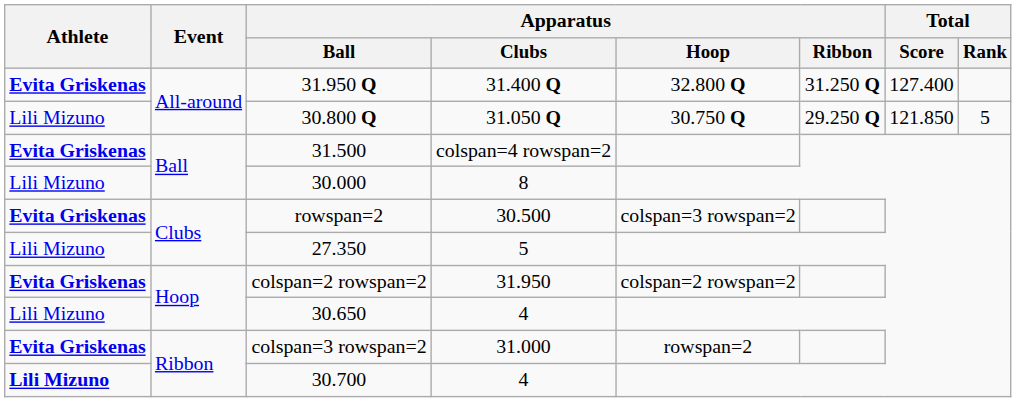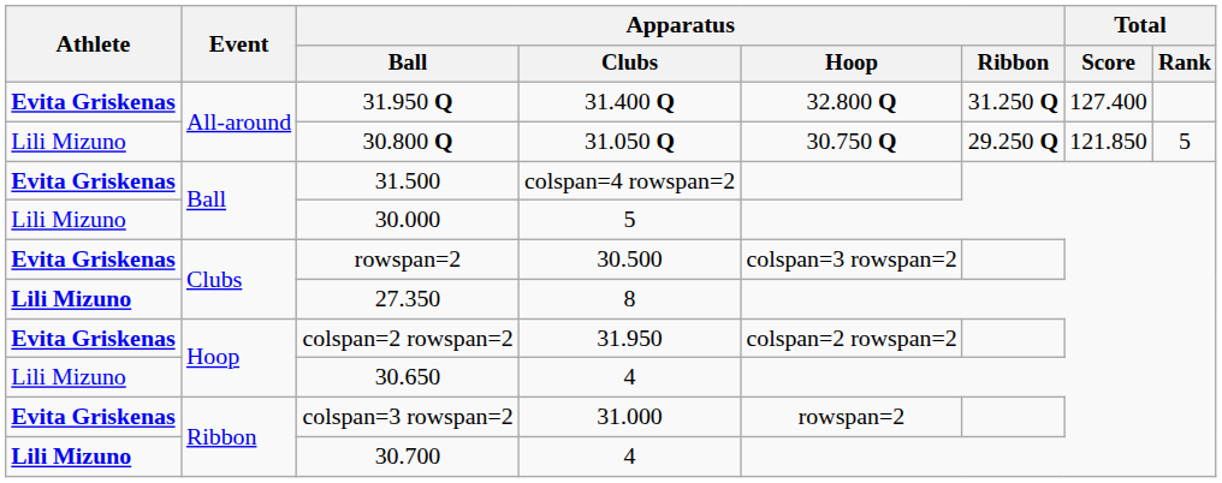 <table class=wikitable style=font-size:90%;text-align:center>
 <tr>
 <th rowspan=2>Athlete</th>
 <th rowspan=2>Event</th>
 <th colspan=4>Apparatus</th>
 <th colspan=2>Total</th>
 </tr>
 <tr style=font-size:95%>
 <th>Ball</th>
 <th>Clubs</th>
 <th>Hoop</th>
 <th>Ribbon</th>
 <th>Score</th>
 <th>Rank</th>
 </tr>
 <tr>
 <td align=left><strong><a href='#'>Evita Griskenas</a></strong></td>
 <td align=left rowspan=2><a href='#'>All-around</a></td>
 <td>31.950 <strong>Q</strong></td>
 <td>31.400 <strong>Q</strong></td>
 <td>32.800 <strong>Q</strong></td>
 <td>31.250 <strong>Q</strong></td>
 <td>127.400</td>
 <td></td>
 </tr>
 <tr>
 <td align=left><a href='#'>Lili Mizuno</a></td>
 <td>30.800 <strong>Q</strong></td>
 <td>31.050 <strong>Q</strong></td>
 <td>30.750 <strong>Q</strong></td>
 <td>29.250 <strong>Q</strong></td>
 <td>121.850</td>
 <td>5</td>
 </tr>
 <tr>
 <td align=left><strong><a href='#'>Evita Griskenas</a></strong></td>
 <td align=left rowspan=2><a href='#'>Ball</a></td>
 <td>31.500</td>
 <td>colspan=4 rowspan=2</td>
 <td></td>
 </tr>
 <tr>
 <td align=left><a href='#'>Lili Mizuno</a></td>
 <td>30.000</td>
-<td>8</td>
+<td>5</td>
 </tr>
 <tr>
 <td align=left><strong><a href='#'>Evita Griskenas</a></strong></td>
 <td align=left rowspan=2><a href='#'>Clubs</a></td>
 <td>rowspan=2 </td>
 <td>30.500</td>
 <td>colspan=3 rowspan=2 </td>
 <td></td>
 </tr>
 <tr>
-<td align=left><a href='#'>Lili Mizuno</a></td>
+<td align=left><strong><a href='#'>Lili Mizuno</a></strong></td>
 <td>27.350</td>
-<td>5</td>
+<td>8</td>
 </tr>
 <tr>
 <td align=left><strong><a href='#'>Evita Griskenas</a></strong></td>
 <td align=left rowspan=2><a href='#'>Hoop</a></td>
 <td>colspan=2 rowspan=2 </td>
 <td>31.950</td>
 <td>colspan=2 rowspan=2 </td>
 <td></td>
 </tr>
 <tr>
 <td align=left><a href='#'>Lili Mizuno</a></td>
 <td>30.650</td>
 <td>4</td>
 </tr>
 <tr>
 <td align=left><strong><a href='#'>Evita Griskenas</a></strong></td>
 <td align=left rowspan=2><a href='#'>Ribbon</a></td>
 <td>colspan=3 rowspan=2</td>
 <td>31.000</td>
 <td>rowspan=2 </td>
 <td></td>
 </tr>
 <tr>
 <td align=left><strong><a href='#'>Lili Mizuno</a></strong></td>
 <td>30.700</td>
 <td>4</td>
 </tr>
 </table>
